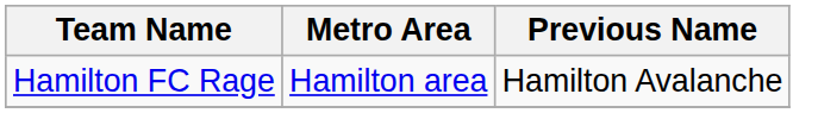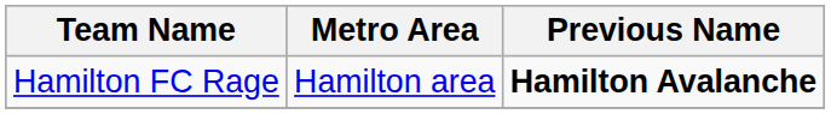 <table class="wikitable">
 <tr>
 <th>Team Name</th>
 <th>Metro Area</th>
 <th>Previous Name</th>
 </tr>
 <tr>
 <td> <a href='#'>Hamilton FC Rage</a></td>
 <td><a href='#'>Hamilton area</a></td>
-<td>Hamilton Avalanche</td>
+<td><strong>Hamilton Avalanche</strong></td>
 </tr>
 <tr>
 </tr>
 </table>
